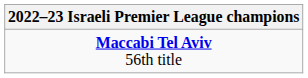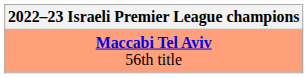 <table class=wikitable style="text-align:center; margin:auto">
 <tr>
 <th>2022–23 Israeli Premier League champions</th>
 </tr>
 <tr>
-<td><strong><a href='#'>Maccabi Tel Aviv</a></strong><br>56th title</td>
+<td style="background: lightsalmon;"><strong><a href='#'>Maccabi Tel Aviv</a></strong><br>56th title</td>
 </tr>
 </table>
